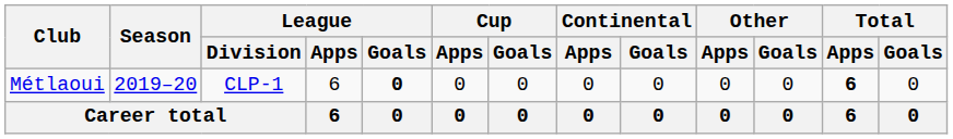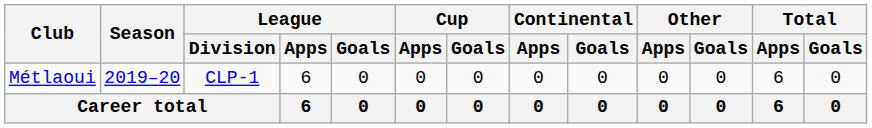 <table class="wikitable" style="text-align: center">
 <tr>
 <th rowspan="2">Club</th>
 <th rowspan="2">Season</th>
 <th colspan="3">League</th>
 <th colspan="2">Cup</th>
 <th colspan="2">Continental</th>
 <th colspan="2">Other</th>
 <th colspan="2">Total</th>
 </tr>
 <tr>
 <th>Division</th>
 <th>Apps</th>
 <th>Goals</th>
 <th>Apps</th>
 <th>Goals</th>
 <th>Apps</th>
 <th>Goals</th>
 <th>Apps</th>
 <th>Goals</th>
 <th>Apps</th>
 <th>Goals</th>
 </tr>
 <tr>
 <td><a href='#'>Métlaoui</a></td>
 <td><a href='#'>2019–20</a></td>
 <td><a href='#'>CLP-1</a></td>
 <td>6</td>
-<td><strong>0</strong></td>
 <td>0</td>
 <td>0</td>
 <td>0</td>
 <td>0</td>
 <td>0</td>
 <td>0</td>
-<td><strong>6</strong></td>
+<td>0</td>
+<td>6</td>
 <td>0</td>
 </tr>
 <tr>
 <th colspan="3"><strong>Career total</strong></th>
 <th>6</th>
 <th>0</th>
 <th>0</th>
 <th>0</th>
 <th>0</th>
 <th>0</th>
 <th>0</th>
 <th>0</th>
 <th>6</th>
 <th>0</th>
 </tr>
 </table>
